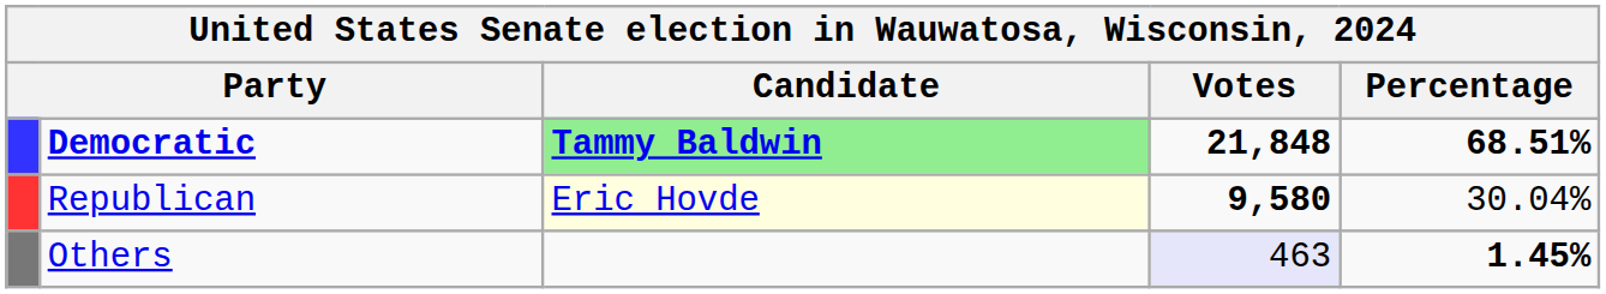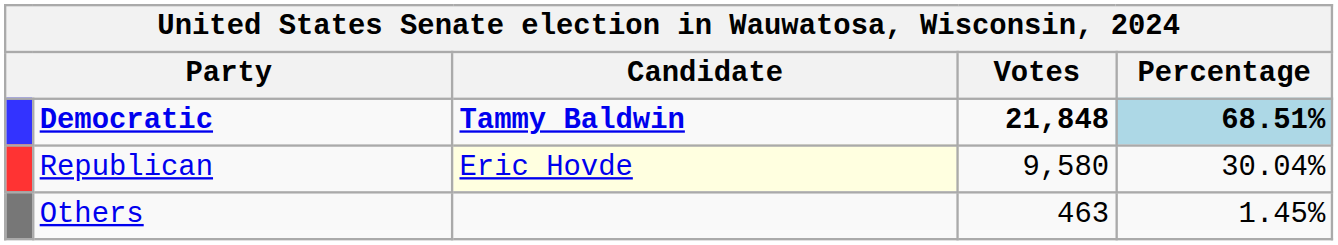 <table class="wikitable" style="font-size:95%;">
 <tr>
 <th colspan="7">United States Senate election in Wauwatosa, Wisconsin, 2024</th>
 </tr>
 <tr>
 <th colspan="2" style="width: 15em">Party</th>
 <th style="width: 17em">Candidate</th>
 <th style="width: 5em">Votes</th>
 <th style="width: 7em">Percentage</th>
 </tr>
 <tr>
 <th style="background:#33f; width:3px;"></th>
 <td style="width: 130px"><strong><a href='#'>Democratic</a></strong></td>
-<td style="background: lightgreen;"><strong><a href='#'>Tammy Baldwin</a></strong></td>
+<td><strong><a href='#'>Tammy Baldwin</a></strong></td>
 <td style="text-align:right;"><strong>21,848</strong></td>
-<td style="text-align:right;"><strong>68.51%</strong></td>
+<td style="background: lightblue; text-align:right;"><strong>68.51%</strong></td>
 </tr>
 <tr>
 <th style="background:#f33; width:3px;"></th>
 <td style="width: 130px"><a href='#'>Republican</a></td>
 <td style="background: lightyellow;"><a href='#'>Eric Hovde</a></td>
-<td style="text-align:right;"><strong>9,580</strong></td>
+<td style="text-align:right;">9,580</td>
 <td style="text-align:right;">30.04%</td>
 </tr>
 <tr>
 <th style="background:#777; width:3px;"></th>
 <td style="width: 130px"><a href='#'>Others</a></td>
 <td></td>
-<td style="background: lavender; text-align:right;">463</td>
-<td style="text-align:right;"><strong>1.45%</strong></td>
+<td style="text-align:right;">463</td>
+<td style="text-align:right;">1.45%</td>
 </tr>
 </table>
